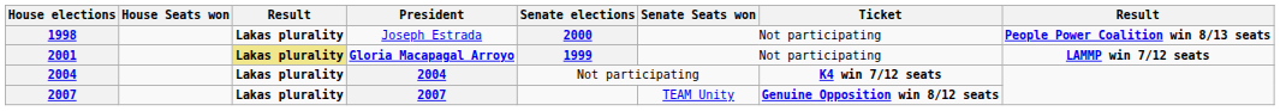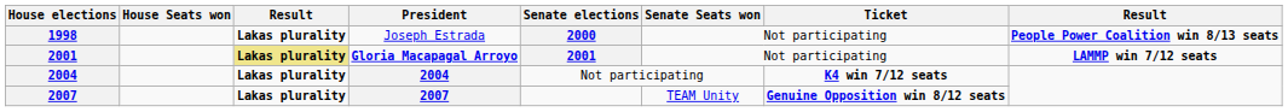 <table class="wikitable" style="text-align:center; font-size:90%">
 <tr>
 <th>House elections</th>
 <th>House Seats won</th>
 <th>Result</th>
 <th>President</th>
 <th>Senate elections</th>
 <th>Senate Seats won</th>
 <th>Ticket</th>
 <th>Result</th>
 </tr>
 <tr>
 <th><a href='#'>1998</a></th>
 <td></td>
 <td><strong>Lakas plurality</strong></td>
 <td><a href='#'>Joseph Estrada</a></td>
 <th><a href='#'>2000</a></th>
 <td colspan="2">Not participating</td>
 <td><strong><a href='#'>People Power Coalition</a> win 8/13 seats</strong></td>
 </tr>
 <tr>
 <th><a href='#'>2001</a></th>
 <td></td>
 <td style="background: khaki;"><strong>Lakas plurality</strong></td>
 <td style="background:"><strong><a href='#'><span>Gloria Macapagal Arroyo</span></a></strong></td>
-<th><a href='#'>1999</a></th>
+<th><a href='#'>2001</a></th>
 <td colspan="2">Not participating</td>
 <td><strong><a href='#'>LAMMP</a> win 7/12 seats</strong></td>
 </tr>
 <tr>
 <th><a href='#'>2004</a></th>
 <td></td>
 <td><strong>Lakas plurality</strong></td>
 <th><a href='#'>2004</a></th>
 <td colspan="2">Not participating</td>
 <td><strong><a href='#'>K4</a> win 7/12 seats</strong></td>
 </tr>
 <tr>
 <th><a href='#'>2007</a></th>
 <td></td>
 <td><strong>Lakas plurality</strong></td>
 <th><a href='#'>2007</a></th>
 <td></td>
 <td><a href='#'>TEAM Unity</a></td>
 <td><strong><a href='#'>Genuine Opposition</a> win 8/12 seats</strong></td>
 </tr>
 </table>
